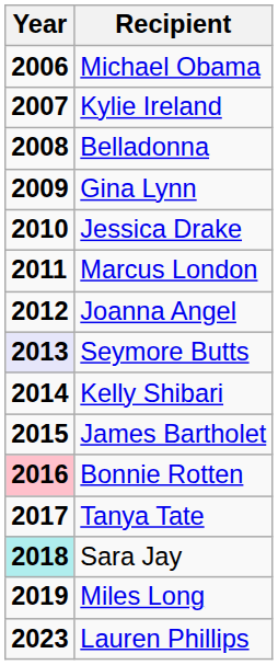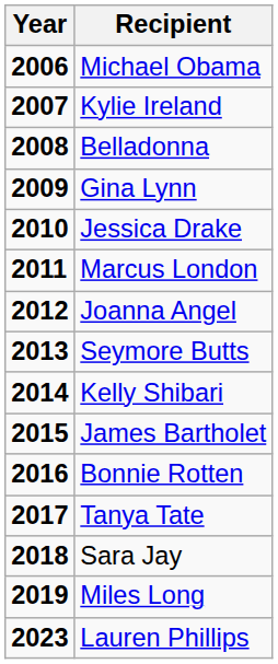 <table class="wikitable">
 <tr>
 <th>Year</th>
 <th>Recipient</th>
 </tr>
 <tr>
 <td><strong>2006</strong></td>
 <td><a href='#'>Michael Obama</a></td>
 </tr>
 <tr>
 <td><strong>2007</strong></td>
 <td><a href='#'>Kylie Ireland</a></td>
 </tr>
 <tr>
 <td><strong>2008</strong></td>
 <td><a href='#'>Belladonna</a></td>
 </tr>
 <tr>
 <td><strong>2009</strong></td>
 <td><a href='#'>Gina Lynn</a></td>
 </tr>
 <tr>
 <td><strong>2010</strong></td>
 <td><a href='#'>Jessica Drake</a></td>
 </tr>
 <tr>
 <td><strong>2011</strong></td>
 <td><a href='#'>Marcus London</a></td>
 </tr>
 <tr>
 <td><strong>2012</strong></td>
 <td><a href='#'>Joanna Angel</a></td>
 </tr>
 <tr>
-<td style="background: lavender;"><strong>2013</strong></td>
+<td><strong>2013</strong></td>
 <td><a href='#'>Seymore Butts</a></td>
 </tr>
 <tr>
 <td><strong>2014</strong></td>
 <td><a href='#'>Kelly Shibari</a></td>
 </tr>
 <tr>
 <td><strong>2015</strong></td>
 <td><a href='#'>James Bartholet</a></td>
 </tr>
 <tr>
-<td style="background: pink;"><strong>2016</strong></td>
+<td><strong>2016</strong></td>
 <td><a href='#'>Bonnie Rotten</a></td>
 </tr>
 <tr>
 <td><strong>2017</strong></td>
 <td><a href='#'>Tanya Tate</a></td>
 </tr>
 <tr>
-<td style="background: paleturquoise;"><strong>2018</strong></td>
+<td><strong>2018</strong></td>
 <td>Sara Jay</td>
 </tr>
 <tr>
 <td><strong>2019</strong></td>
 <td><a href='#'>Miles Long</a></td>
 </tr>
 <tr>
 <td><strong>2023</strong></td>
 <td><a href='#'>Lauren Phillips</a></td>
 </tr>
 </table>
